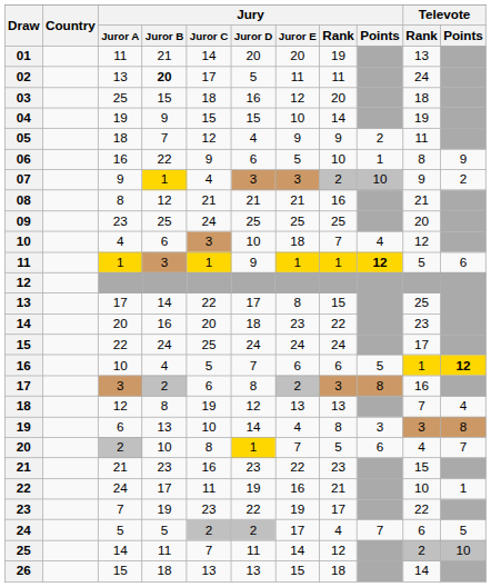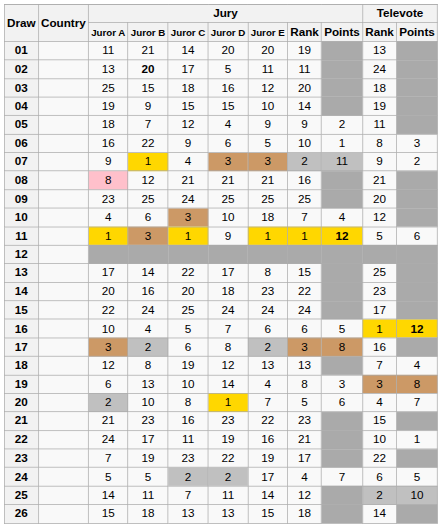 <table class="sortable wikitable collapsible plainrowheaders" style="text-align:center;">
 <tr>
 </tr>
 <tr>
 <th scope="col" rowspan="2">Draw</th>
 <th scope="col" rowspan="2">Country</th>
 <th scope="col" colspan="7">Jury</th>
 <th scope="col" colspan="2">Televote</th>
 </tr>
 <tr>
 <th scope="col"><small>Juror A</small></th>
 <th scope="col"><small>Juror B</small></th>
 <th scope="col"><small>Juror C</small></th>
 <th scope="col"><small>Juror D</small></th>
 <th scope="col"><small>Juror E</small></th>
 <th scope="col">Rank</th>
 <th scope="col">Points</th>
 <th scope="col">Rank</th>
 <th scope="col">Points</th>
 </tr>
 <tr>
 <th scope="row" style="text-align:center;">01</th>
 <td style="text-align:left;"></td>
 <td>11</td>
 <td>21</td>
 <td>14</td>
 <td>20</td>
 <td>20</td>
 <td>19</td>
 <td style="background:#AAAAAA;"></td>
 <td>13</td>
 <td style="background:#AAAAAA;"></td>
 </tr>
 <tr>
 <th scope="row" style="text-align:center;">02</th>
 <td style="text-align:left;"></td>
 <td>13</td>
 <td><strong>20</strong></td>
 <td>17</td>
 <td>5</td>
 <td>11</td>
 <td>11</td>
 <td style="background:#AAAAAA;"></td>
 <td>24</td>
 <td style="background:#AAAAAA;"></td>
 </tr>
 <tr>
 <th scope="row" style="text-align:center;">03</th>
 <td style="text-align:left;"></td>
 <td>25</td>
 <td>15</td>
 <td>18</td>
 <td>16</td>
 <td>12</td>
 <td>20</td>
 <td style="background:#AAAAAA;"></td>
 <td>18</td>
 <td style="background:#AAAAAA;"></td>
 </tr>
 <tr>
 <th scope="row" style="text-align:center;">04</th>
 <td style="text-align:left;"></td>
 <td>19</td>
 <td>9</td>
 <td>15</td>
 <td>15</td>
 <td>10</td>
 <td>14</td>
 <td style="background:#AAAAAA;"></td>
 <td>19</td>
 <td style="background:#AAAAAA;"></td>
 </tr>
 <tr>
 <th scope="row" style="text-align:center;">05</th>
 <td style="text-align:left;"></td>
 <td>18</td>
 <td>7</td>
 <td>12</td>
 <td>4</td>
 <td>9</td>
 <td>9</td>
 <td>2</td>
 <td>11</td>
 <td style="background:#AAAAAA;"></td>
 </tr>
 <tr>
 <th scope="row" style="text-align:center;">06</th>
 <td style="text-align:left;"></td>
 <td>16</td>
 <td>22</td>
 <td>9</td>
 <td>6</td>
 <td>5</td>
 <td>10</td>
 <td>1</td>
 <td>8</td>
-<td>9</td>
+<td>3</td>
 </tr>
 <tr>
 <th scope="row" style="text-align:center;">07</th>
 <td style="text-align:left;"></td>
 <td>9</td>
 <td style="background:gold;">1</td>
 <td>4</td>
 <td style="background:#CC9966;">3</td>
 <td style="background:#CC9966;">3</td>
 <td style="background:silver;">2</td>
-<td style="background:silver;">10</td>
+<td style="background:silver;">11</td>
 <td>9</td>
 <td>2</td>
 </tr>
 <tr>
 <th scope="row" style="text-align:center;">08</th>
 <td style="text-align:left;"></td>
-<td>8</td>
+<td style="background: pink;">8</td>
 <td>12</td>
 <td>21</td>
 <td>21</td>
 <td>21</td>
 <td>16</td>
 <td style="background:#AAAAAA;"></td>
 <td>21</td>
 <td style="background:#AAAAAA;"></td>
 </tr>
 <tr>
 <th scope="row" style="text-align:center;">09</th>
 <td style="text-align:left;"></td>
 <td>23</td>
 <td>25</td>
 <td>24</td>
 <td>25</td>
 <td>25</td>
 <td>25</td>
 <td style="background:#AAAAAA;"></td>
 <td>20</td>
 <td style="background:#AAAAAA;"></td>
 </tr>
 <tr>
 <th scope="row" style="text-align:center;">10</th>
 <td style="text-align:left;"></td>
 <td>4</td>
 <td>6</td>
 <td style="background:#CC9966;">3</td>
 <td>10</td>
 <td>18</td>
 <td>7</td>
 <td>4</td>
 <td>12</td>
 <td style="background:#AAAAAA;"></td>
 </tr>
 <tr>
 <th scope="row" style="text-align:center;">11</th>
 <td style="text-align:left;"></td>
 <td style="background:gold;">1</td>
 <td style="background:#CC9966;">3</td>
 <td style="background:gold;">1</td>
 <td>9</td>
 <td style="background:gold;">1</td>
 <td style="background:gold;">1</td>
 <td style="background:gold;"><strong>12</strong></td>
 <td>5</td>
 <td>6</td>
 </tr>
 <tr class="sortbottom">
 <th scope="row" style="text-align:center;">12</th>
 <td style="text-align:left;"></td>
 <td style="background:#AAAAAA;"></td>
 <td style="background:#AAAAAA;"></td>
 <td style="background:#AAAAAA;"></td>
 <td style="background:#AAAAAA;"></td>
 <td style="background:#AAAAAA;"></td>
 <td style="background:#AAAAAA;"></td>
 <td style="background:#AAAAAA;"></td>
 <td style="background:#AAAAAA;"></td>
 <td style="background:#AAAAAA;"></td>
 </tr>
 <tr>
 <th scope="row" style="text-align:center;">13</th>
 <td style="text-align:left;"></td>
 <td>17</td>
 <td>14</td>
 <td>22</td>
 <td>17</td>
 <td>8</td>
 <td>15</td>
 <td style="background:#AAAAAA;"></td>
 <td>25</td>
 <td style="background:#AAAAAA;"></td>
 </tr>
 <tr>
 <th scope="row" style="text-align:center;">14</th>
 <td style="text-align:left;"></td>
 <td>20</td>
 <td>16</td>
 <td>20</td>
 <td>18</td>
 <td>23</td>
 <td>22</td>
 <td style="background:#AAAAAA;"></td>
 <td>23</td>
 <td style="background:#AAAAAA;"></td>
 </tr>
 <tr>
 <th scope="row" style="text-align:center;">15</th>
 <td style="text-align:left;"></td>
 <td>22</td>
 <td>24</td>
 <td>25</td>
 <td>24</td>
 <td>24</td>
 <td>24</td>
 <td style="background:#AAAAAA;"></td>
 <td>17</td>
 <td style="background:#AAAAAA;"></td>
 </tr>
 <tr>
 <th scope="row" style="text-align:center;">16</th>
 <td style="text-align:left;"></td>
 <td>10</td>
 <td>4</td>
 <td>5</td>
 <td>7</td>
 <td>6</td>
 <td>6</td>
 <td>5</td>
 <td style="background:gold;">1</td>
 <td style="background:gold;"><strong>12</strong></td>
 </tr>
 <tr>
 <th scope="row" style="text-align:center;">17</th>
 <td style="text-align:left;"></td>
 <td style="background:#CC9966;">3</td>
 <td style="background:silver;">2</td>
 <td>6</td>
 <td>8</td>
 <td style="background:silver;">2</td>
 <td style="background:#CC9966;">3</td>
 <td style="background:#CC9966;">8</td>
 <td>16</td>
 <td style="background:#AAAAAA;"></td>
 </tr>
 <tr>
 <th scope="row" style="text-align:center;">18</th>
 <td style="text-align:left;"></td>
 <td>12</td>
 <td>8</td>
 <td>19</td>
 <td>12</td>
 <td>13</td>
 <td>13</td>
 <td style="background:#AAAAAA;"></td>
 <td>7</td>
 <td>4</td>
 </tr>
 <tr>
 <th scope="row" style="text-align:center;">19</th>
 <td style="text-align:left;"></td>
 <td>6</td>
 <td>13</td>
 <td>10</td>
 <td>14</td>
 <td>4</td>
 <td>8</td>
 <td>3</td>
 <td style="background:#CC9966;">3</td>
 <td style="background:#CC9966;">8</td>
 </tr>
 <tr>
 <th scope="row" style="text-align:center;">20</th>
 <td style="text-align:left;"></td>
 <td style="background:silver;">2</td>
 <td>10</td>
 <td>8</td>
 <td style="background:gold;">1</td>
 <td>7</td>
 <td>5</td>
 <td>6</td>
 <td>4</td>
 <td>7</td>
 </tr>
 <tr>
 <th scope="row" style="text-align:center;">21</th>
 <td style="text-align:left;"></td>
 <td>21</td>
 <td>23</td>
 <td>16</td>
 <td>23</td>
 <td>22</td>
 <td>23</td>
 <td style="background:#AAAAAA;"></td>
 <td>15</td>
 <td style="background:#AAAAAA;"></td>
 </tr>
 <tr>
 <th scope="row" style="text-align:center;">22</th>
 <td style="text-align:left;"></td>
 <td>24</td>
 <td>17</td>
 <td>11</td>
 <td>19</td>
 <td>16</td>
 <td>21</td>
 <td style="background:#AAAAAA;"></td>
 <td>10</td>
 <td>1</td>
 </tr>
 <tr>
 <th scope="row" style="text-align:center;">23</th>
 <td style="text-align:left;"></td>
 <td>7</td>
 <td>19</td>
 <td>23</td>
 <td>22</td>
 <td>19</td>
 <td>17</td>
 <td style="background:#AAAAAA;"></td>
 <td>22</td>
 <td style="background:#AAAAAA;"></td>
 </tr>
 <tr>
 <th scope="row" style="text-align:center;">24</th>
 <td style="text-align:left;"></td>
 <td>5</td>
 <td>5</td>
 <td style="background:silver;">2</td>
 <td style="background:silver;">2</td>
 <td>17</td>
 <td>4</td>
 <td>7</td>
 <td>6</td>
 <td>5</td>
 </tr>
 <tr>
 <th scope="row" style="text-align:center;">25</th>
 <td style="text-align:left;"></td>
 <td>14</td>
 <td>11</td>
 <td>7</td>
 <td>11</td>
 <td>14</td>
 <td>12</td>
 <td style="background:#AAAAAA;"></td>
 <td style="background:silver;">2</td>
 <td style="background:silver;">10</td>
 </tr>
 <tr>
 <th scope="row" style="text-align:center;">26</th>
 <td style="text-align:left;"></td>
 <td>15</td>
 <td>18</td>
 <td>13</td>
 <td>13</td>
 <td>15</td>
 <td>18</td>
 <td style="background:#AAAAAA;"></td>
 <td>14</td>
 <td style="background:#AAAAAA;"></td>
 </tr>
 </table>
